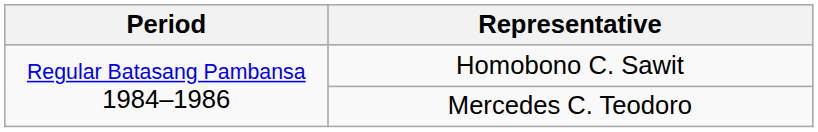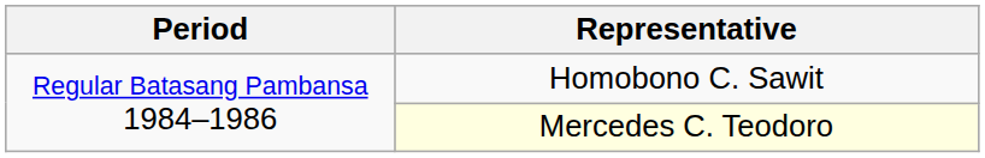 <table class="wikitable" style="text-align:center; width:40%;">
 <tr>
 <th width="40%">Period</th>
 <th>Representative</th>
 </tr>
 <tr>
 <td rowspan="2"><small><a href='#'>Regular Batasang Pambansa</a></small><br>1984–1986</td>
 <td>Homobono C. Sawit</td>
 </tr>
 <tr>
-<td>Mercedes C. Teodoro</td>
+<td style="background: lightyellow;">Mercedes C. Teodoro</td>
 </tr>
 </table>
